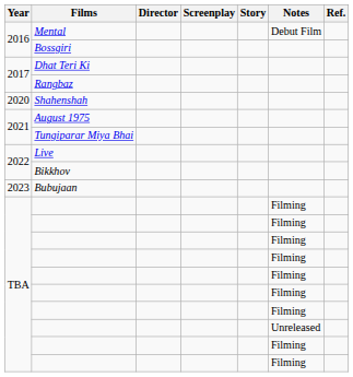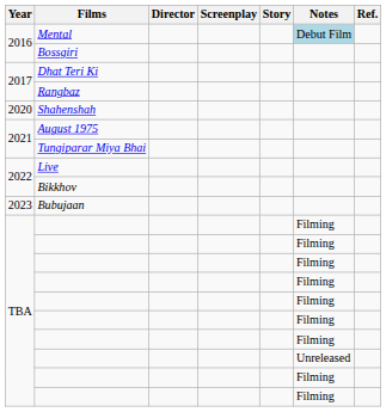 <table class="wikitable sortable">
 <tr>
 <th>Year</th>
 <th>Films</th>
 <th>Director</th>
 <th>Screenplay</th>
 <th>Story</th>
 <th>Notes</th>
 <th>Ref.</th>
 </tr>
 <tr>
 <td rowspan="2">2016</td>
 <td><em><a href='#'>Mental</a></em></td>
 <td></td>
 <td></td>
 <td></td>
-<td>Debut Film</td>
+<td style="background: lightblue;">Debut Film</td>
 <td></td>
 </tr>
 <tr>
 <td><em><a href='#'>Bossgiri</a></em></td>
 <td></td>
 <td></td>
 <td></td>
 <td></td>
 <td></td>
 </tr>
 <tr>
 <td rowspan="2">2017</td>
 <td><em><a href='#'>Dhat Teri Ki</a></em></td>
 <td></td>
 <td></td>
 <td></td>
 <td></td>
 <td></td>
 </tr>
 <tr>
 <td><em><a href='#'>Rangbaz</a></em></td>
 <td></td>
 <td></td>
 <td></td>
 <td></td>
 <td></td>
 </tr>
 <tr>
 <td>2020</td>
 <td><em><a href='#'>Shahenshah</a></em></td>
 <td></td>
 <td></td>
 <td></td>
 <td></td>
 <td></td>
 </tr>
 <tr>
 <td rowspan="2">2021</td>
 <td><em><a href='#'>August 1975</a></em></td>
 <td></td>
 <td></td>
 <td></td>
 <td></td>
 <td></td>
 </tr>
 <tr>
 <td><em><a href='#'>Tungiparar Miya Bhai</a></em></td>
 <td></td>
 <td></td>
 <td></td>
 <td></td>
 <td></td>
 </tr>
 <tr>
 <td rowspan="2">2022</td>
 <td><em><a href='#'>Live</a></em></td>
 <td></td>
 <td></td>
 <td></td>
 <td></td>
 <td></td>
 </tr>
 <tr>
 <td><em>Bikkhov</em></td>
 <td></td>
 <td></td>
 <td></td>
 <td></td>
 <td></td>
 </tr>
 <tr>
 <td>2023</td>
 <td><em>Bubujaan</em></td>
 <td></td>
 <td></td>
 <td></td>
 <td></td>
 <td></td>
 </tr>
 <tr>
 <td rowspan="10">TBA</td>
 <td></td>
 <td></td>
 <td></td>
 <td></td>
 <td>Filming</td>
 <td></td>
 </tr>
 <tr>
 <td></td>
 <td></td>
 <td></td>
 <td></td>
 <td>Filming</td>
 <td></td>
 </tr>
 <tr>
 <td></td>
 <td></td>
 <td></td>
 <td></td>
 <td>Filming</td>
 <td></td>
 </tr>
 <tr>
 <td></td>
 <td></td>
 <td></td>
 <td></td>
 <td>Filming</td>
 <td></td>
 </tr>
 <tr>
 <td></td>
 <td></td>
 <td></td>
 <td></td>
 <td>Filming</td>
 <td></td>
 </tr>
 <tr>
 <td></td>
 <td></td>
 <td></td>
 <td></td>
 <td>Filming</td>
 <td></td>
 </tr>
 <tr>
 <td></td>
 <td></td>
 <td></td>
 <td></td>
 <td>Filming</td>
 <td></td>
 </tr>
 <tr>
 <td></td>
 <td></td>
 <td></td>
 <td></td>
 <td>Unreleased</td>
 <td></td>
 </tr>
 <tr>
 <td></td>
 <td></td>
 <td></td>
 <td></td>
 <td>Filming</td>
 <td></td>
 </tr>
 <tr>
 <td></td>
 <td></td>
 <td></td>
 <td></td>
 <td>Filming</td>
 <td></td>
 </tr>
 </table>
